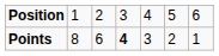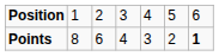 <table class="wikitable">
 <tr>
 <td><strong>Position</strong></td>
 <td width=20>1</td>
 <td width=20>2</td>
 <td width=20>3</td>
 <td width=20>4</td>
 <td width=20>5</td>
 <td width=20>6</td>
 </tr>
 <tr>
 <td><strong>Points</strong></td>
 <td>8</td>
 <td>6</td>
-<td><strong>4</strong></td>
+<td>4</td>
 <td>3</td>
 <td>2</td>
-<td>1</td>
+<td><strong>1</strong></td>
 </tr>
 </table>
